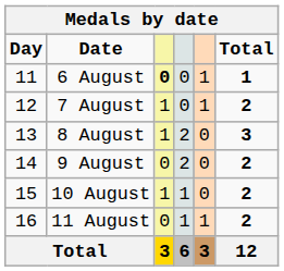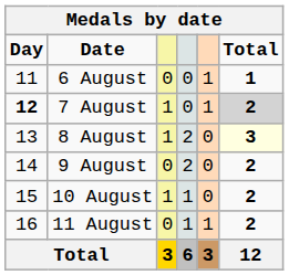 <table class=wikitable style="font-size:85%;float:left;">
 <tr bgcolor=efefef>
 <th colspan=6>Medals by date</th>
 </tr>
 <tr align=center>
 <td><strong>Day</strong></td>
 <td><strong>Date</strong></td>
 <td bgcolor=#f7f6a8></td>
 <td bgcolor=#dce5e5></td>
 <td bgcolor=#ffdab9></td>
 <td><strong>Total</strong></td>
 </tr>
 <tr align=center>
 <td>11</td>
 <td>6 August</td>
-<td bgcolor=F7F6A8><strong>0</strong></td>
+<td bgcolor=F7F6A8>0</td>
 <td bgcolor=DCE5E5>0</td>
 <td bgcolor=FFDAB9>1</td>
 <td><strong>1</strong></td>
 </tr>
 <tr align=center>
-<td>12</td>
+<td><strong>12</strong></td>
 <td>7 August</td>
 <td bgcolor=F7F6A8>1</td>
 <td bgcolor=DCE5E5>0</td>
 <td bgcolor=FFDAB9>1</td>
-<td><strong>2</strong></td>
+<td style="background: lightgrey;"><strong>2</strong></td>
 </tr>
 <tr align=center>
 <td>13</td>
 <td>8 August</td>
 <td bgcolor=F7F6A8>1</td>
 <td bgcolor=DCE5E5>2</td>
 <td bgcolor=FFDAB9>0</td>
-<td><strong>3</strong></td>
+<td style="background: lightyellow;"><strong>3</strong></td>
 </tr>
 <tr align=center>
 <td>14</td>
 <td>9 August</td>
 <td bgcolor=F7F6A8>0</td>
 <td bgcolor=DCE5E5>2</td>
 <td bgcolor=FFDAB9>0</td>
 <td><strong>2</strong></td>
 </tr>
 <tr align=center>
 <td>15</td>
 <td>10 August</td>
 <td bgcolor=F7F6A8>1</td>
 <td bgcolor=DCE5E5>1</td>
 <td bgcolor=FFDAB9>0</td>
 <td><strong>2</strong></td>
 </tr>
 <tr align=center>
 <td>16</td>
 <td>11 August</td>
 <td bgcolor=F7F6A8>0</td>
 <td bgcolor=DCE5E5>1</td>
 <td bgcolor=FFDAB9>1</td>
 <td><strong>2</strong></td>
 </tr>
 <tr>
 <th colspan=2>Total</th>
 <th style="background:gold">3</th>
 <th style="background:silver">6</th>
 <th style="background:#c96">3</th>
 <th>12</th>
 </tr>
 </table>
